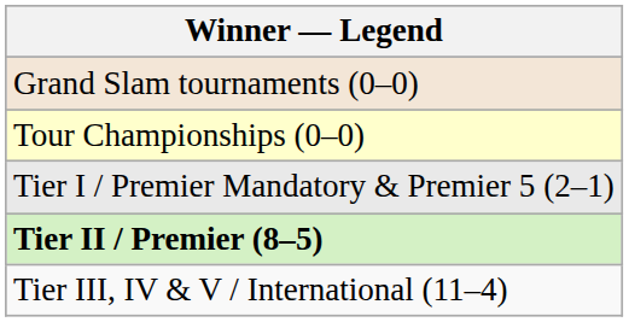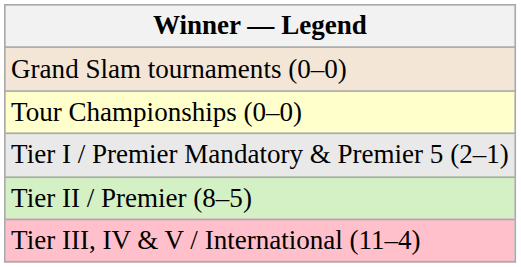 <table class="wikitable sortable mw-collapsible mw-collapsed">
 <tr>
 <th>Winner — Legend</th>
 </tr>
 <tr>
 <td style="background:#f3e6d7;">Grand Slam tournaments (0–0)</td>
 </tr>
 <tr>
 <td style="background:#ffc;">Tour Championships (0–0)</td>
 </tr>
 <tr>
 <td style="background:#e9e9e9;">Tier I / Premier Mandatory & Premier 5 (2–1)</td>
 </tr>
 <tr>
-<td style="background:#d4f1c5;"><strong>Tier II / Premier (8–5)</strong></td>
+<td style="background:#d4f1c5;">Tier II / Premier (8–5)</td>
 </tr>
 <tr>
-<td>Tier III, IV & V / International (11–4)</td>
+<td style="background: pink;">Tier III, IV & V / International (11–4)</td>
 </tr>
 </table>
